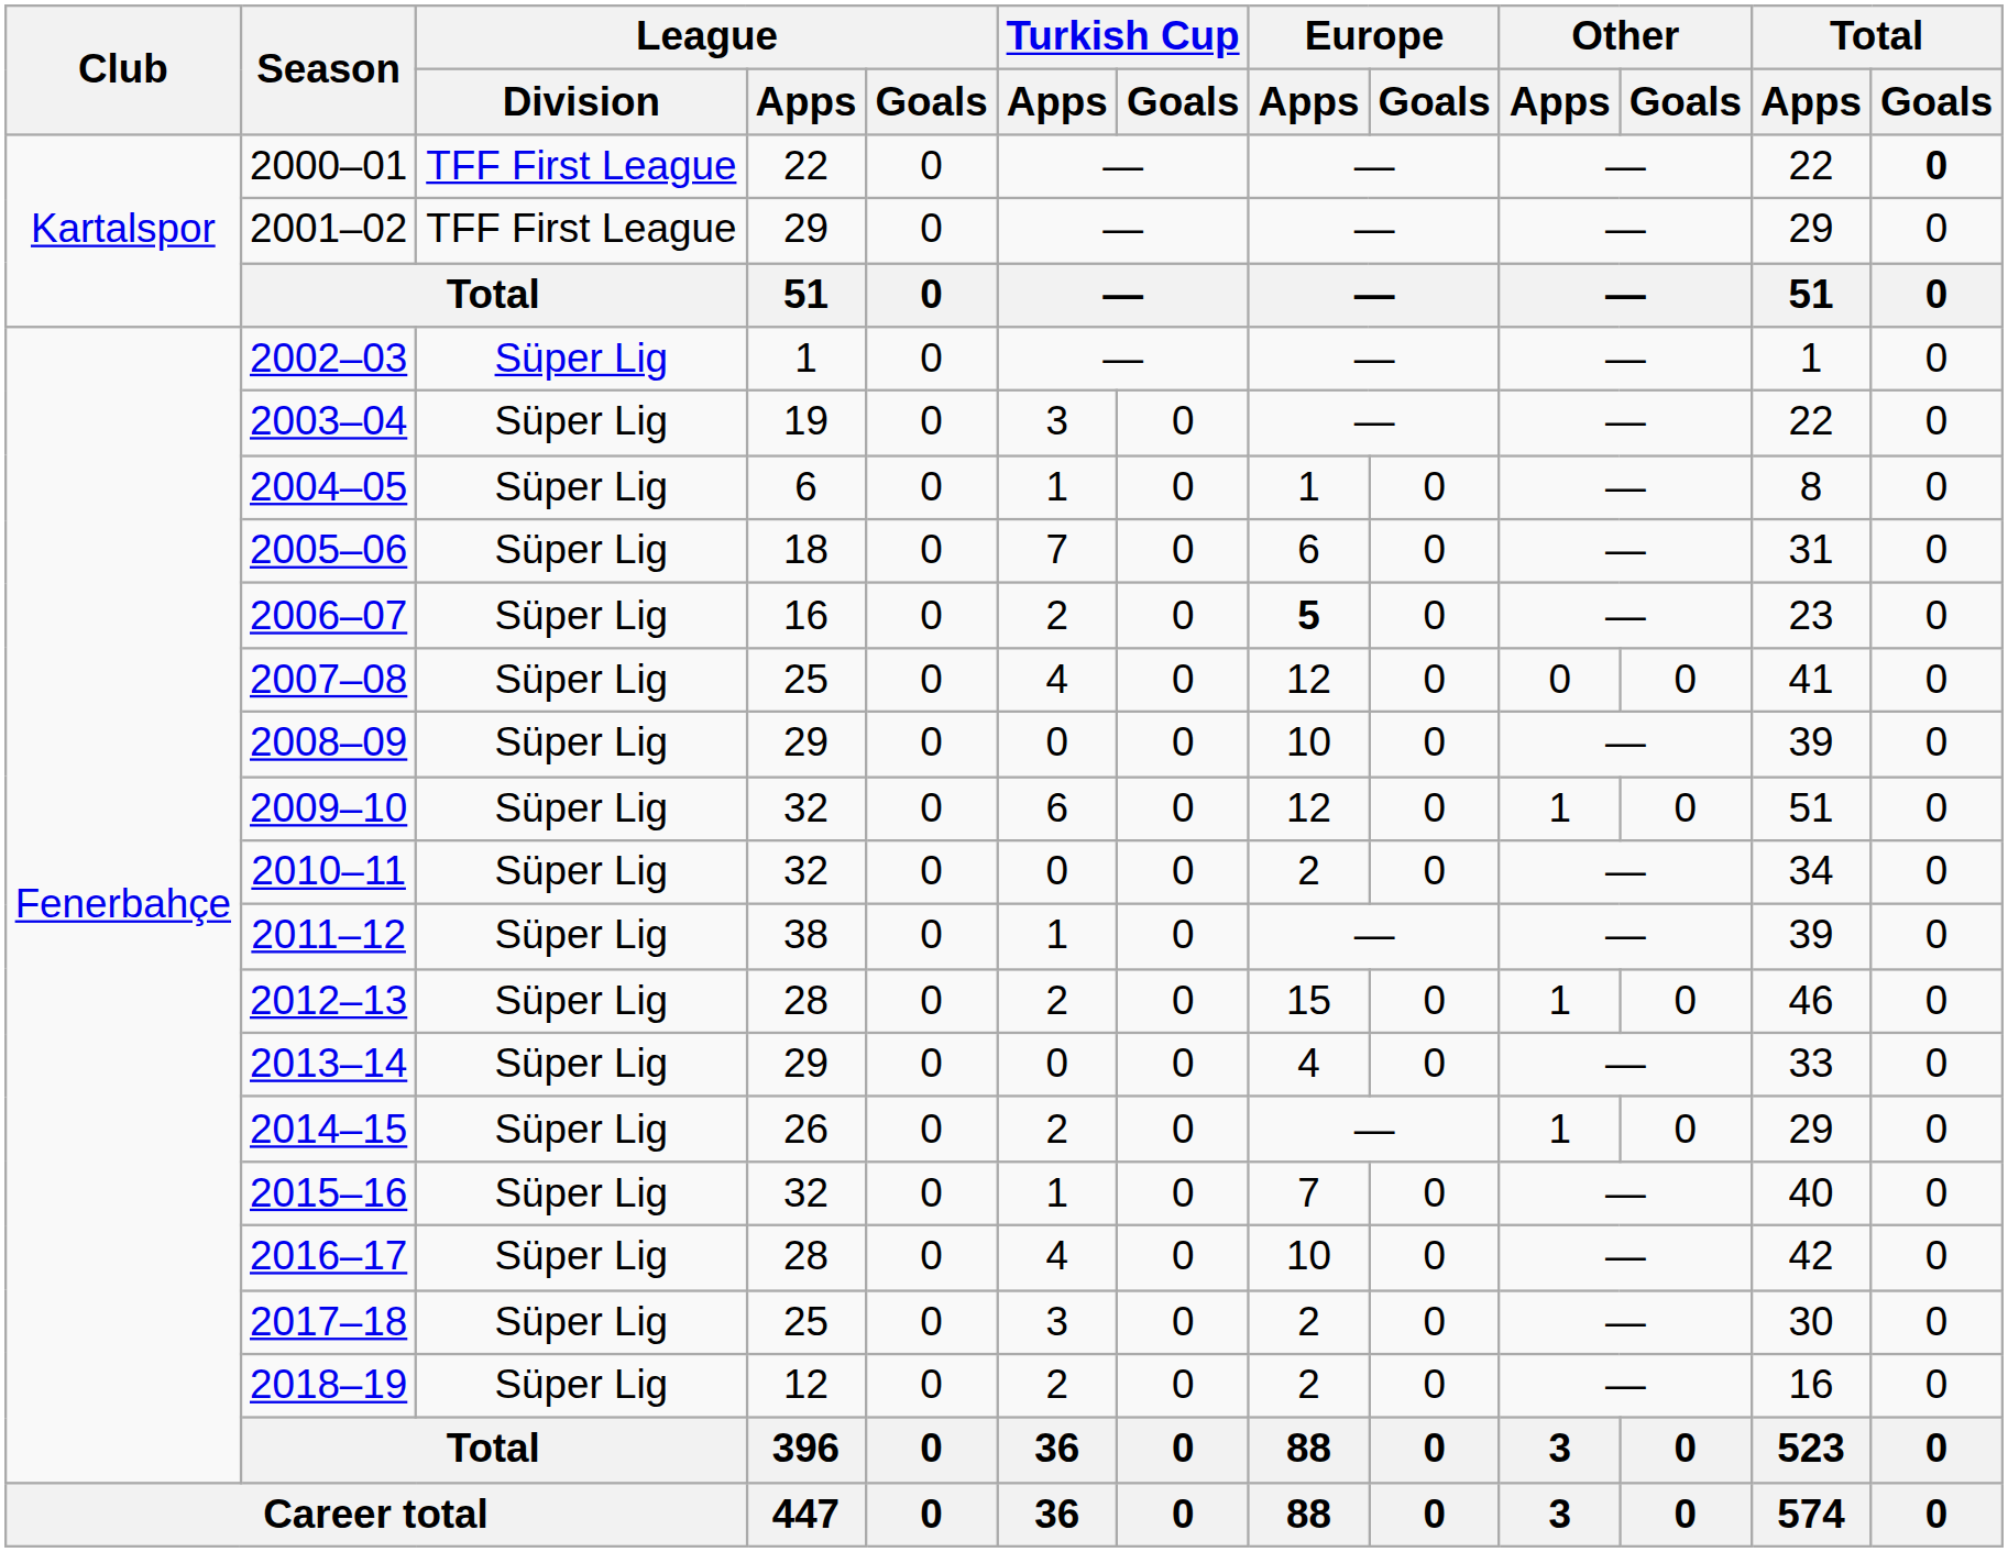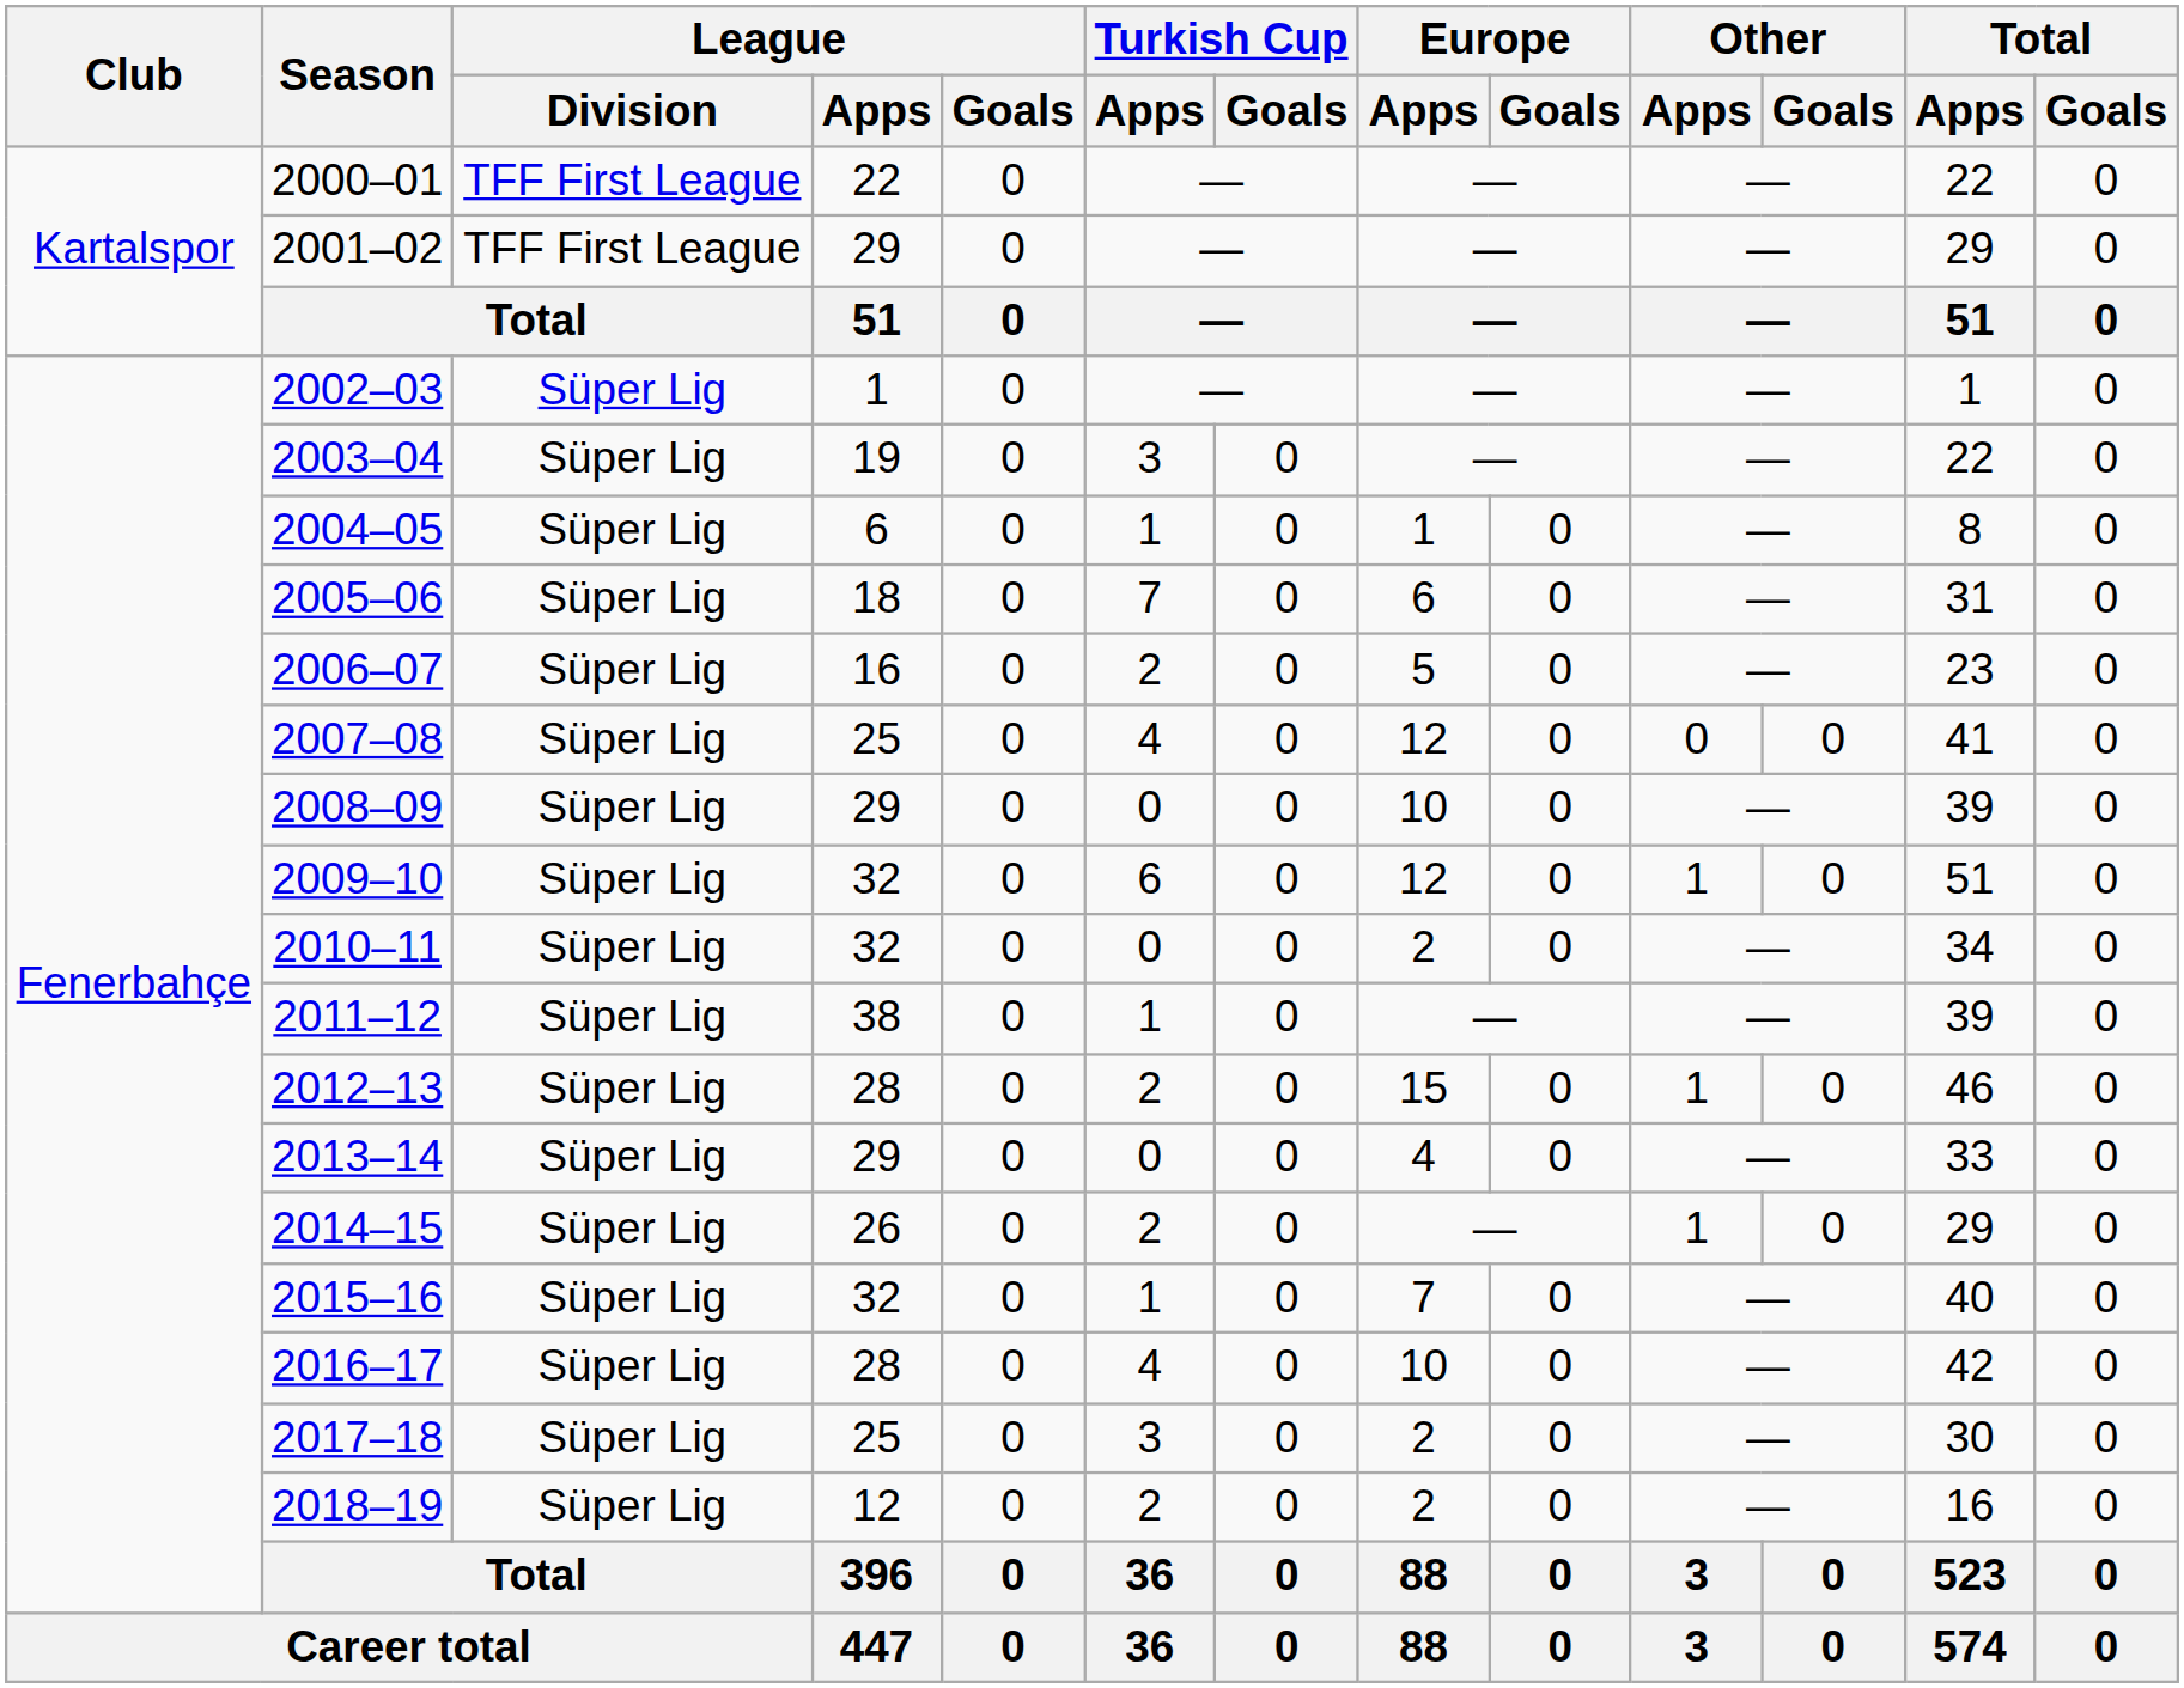 <table class="wikitable" style="text-align:center">
 <tr>
 <th rowspan="2">Club</th>
 <th rowspan="2">Season</th>
 <th colspan="3">League</th>
 <th colspan="2"><a href='#'>Turkish Cup</a></th>
 <th colspan="2">Europe</th>
 <th colspan="2">Other</th>
 <th colspan="3">Total</th>
 </tr>
 <tr>
 <th>Division</th>
 <th>Apps</th>
 <th>Goals</th>
 <th>Apps</th>
 <th>Goals</th>
 <th>Apps</th>
 <th>Goals</th>
 <th>Apps</th>
 <th>Goals</th>
 <th>Apps</th>
 <th>Goals</th>
 </tr>
 <tr>
 <td rowspan="3"><a href='#'>Kartalspor</a></td>
 <td>2000–01</td>
 <td><a href='#'>TFF First League</a></td>
 <td>22</td>
 <td>0</td>
 <td colspan="2">—</td>
 <td colspan="2">—</td>
 <td colspan="2">—</td>
 <td>22</td>
-<td><strong>0</strong></td>
+<td>0</td>
 </tr>
 <tr>
 <td>2001–02</td>
 <td>TFF First League</td>
 <td>29</td>
 <td>0</td>
 <td colspan="2">—</td>
 <td colspan="2">—</td>
 <td colspan="2">—</td>
 <td>29</td>
 <td>0</td>
 </tr>
 <tr>
 <th colspan="2">Total</th>
 <th>51</th>
 <th>0</th>
 <th colspan="2">—</th>
 <th colspan="2">—</th>
 <th colspan="2">—</th>
 <th>51</th>
 <th>0</th>
 </tr>
 <tr>
 <td rowspan="18"><a href='#'>Fenerbahçe</a></td>
 <td><a href='#'>2002–03</a></td>
 <td><a href='#'>Süper Lig</a></td>
 <td>1</td>
 <td>0</td>
 <td colspan="2">—</td>
 <td colspan="2">—</td>
 <td colspan="2">—</td>
 <td>1</td>
 <td>0</td>
 </tr>
 <tr>
 <td><a href='#'>2003–04</a></td>
 <td>Süper Lig</td>
 <td>19</td>
 <td>0</td>
 <td>3</td>
 <td>0</td>
 <td colspan="2">—</td>
 <td colspan="2">—</td>
 <td>22</td>
 <td>0</td>
 </tr>
 <tr>
 <td><a href='#'>2004–05</a></td>
 <td>Süper Lig</td>
 <td>6</td>
 <td>0</td>
 <td>1</td>
 <td>0</td>
 <td>1</td>
 <td>0</td>
 <td colspan="2">—</td>
 <td>8</td>
 <td>0</td>
 </tr>
 <tr>
 <td><a href='#'>2005–06</a></td>
 <td>Süper Lig</td>
 <td>18</td>
 <td>0</td>
 <td>7</td>
 <td>0</td>
 <td>6</td>
 <td>0</td>
 <td colspan="2">—</td>
 <td>31</td>
 <td>0</td>
 </tr>
 <tr>
 <td><a href='#'>2006–07</a></td>
 <td>Süper Lig</td>
 <td>16</td>
 <td>0</td>
 <td>2</td>
 <td>0</td>
-<td><strong>5</strong></td>
+<td>5</td>
 <td>0</td>
 <td colspan="2">—</td>
 <td>23</td>
 <td>0</td>
 </tr>
 <tr>
 <td><a href='#'>2007–08</a></td>
 <td>Süper Lig</td>
 <td>25</td>
 <td>0</td>
 <td>4</td>
 <td>0</td>
 <td>12</td>
 <td>0</td>
 <td>0</td>
 <td>0</td>
 <td>41</td>
 <td>0</td>
 </tr>
 <tr>
 <td><a href='#'>2008–09</a></td>
 <td>Süper Lig</td>
 <td>29</td>
 <td>0</td>
 <td>0</td>
 <td>0</td>
 <td>10</td>
 <td>0</td>
 <td colspan="2">—</td>
 <td>39</td>
 <td>0</td>
 </tr>
 <tr>
 <td><a href='#'>2009–10</a></td>
 <td>Süper Lig</td>
 <td>32</td>
 <td>0</td>
 <td>6</td>
 <td>0</td>
 <td>12</td>
 <td>0</td>
 <td>1</td>
 <td>0</td>
 <td>51</td>
 <td>0</td>
 </tr>
 <tr>
 <td><a href='#'>2010–11</a></td>
 <td>Süper Lig</td>
 <td>32</td>
 <td>0</td>
 <td>0</td>
 <td>0</td>
 <td>2</td>
 <td>0</td>
 <td colspan="2">—</td>
 <td>34</td>
 <td>0</td>
 </tr>
 <tr>
 <td><a href='#'>2011–12</a></td>
 <td>Süper Lig</td>
 <td>38</td>
 <td>0</td>
 <td>1</td>
 <td>0</td>
 <td colspan="2">—</td>
 <td colspan="2">—</td>
 <td>39</td>
 <td>0</td>
 </tr>
 <tr>
 <td><a href='#'>2012–13</a></td>
 <td>Süper Lig</td>
 <td>28</td>
 <td>0</td>
 <td>2</td>
 <td>0</td>
 <td>15</td>
 <td>0</td>
 <td>1</td>
 <td>0</td>
 <td>46</td>
 <td>0</td>
 </tr>
 <tr>
 <td><a href='#'>2013–14</a></td>
 <td>Süper Lig</td>
 <td>29</td>
 <td>0</td>
 <td>0</td>
 <td>0</td>
 <td>4</td>
 <td>0</td>
 <td colspan="2">—</td>
 <td>33</td>
 <td>0</td>
 </tr>
 <tr>
 <td><a href='#'>2014–15</a></td>
 <td>Süper Lig</td>
 <td>26</td>
 <td>0</td>
 <td>2</td>
 <td>0</td>
 <td colspan="2">—</td>
 <td>1</td>
 <td>0</td>
 <td>29</td>
 <td>0</td>
 </tr>
 <tr>
 <td><a href='#'>2015–16</a></td>
 <td>Süper Lig</td>
 <td>32</td>
 <td>0</td>
 <td>1</td>
 <td>0</td>
 <td>7</td>
 <td>0</td>
 <td colspan="2">—</td>
 <td>40</td>
 <td>0</td>
 </tr>
 <tr>
 <td><a href='#'>2016–17</a></td>
 <td>Süper Lig</td>
 <td>28</td>
 <td>0</td>
 <td>4</td>
 <td>0</td>
 <td>10</td>
 <td>0</td>
 <td colspan="2">—</td>
 <td>42</td>
 <td>0</td>
 </tr>
 <tr>
 <td><a href='#'>2017–18</a></td>
 <td>Süper Lig</td>
 <td>25</td>
 <td>0</td>
 <td>3</td>
 <td>0</td>
 <td>2</td>
 <td>0</td>
 <td colspan="2">—</td>
 <td>30</td>
 <td>0</td>
 </tr>
 <tr>
 <td><a href='#'>2018–19</a></td>
 <td>Süper Lig</td>
 <td>12</td>
 <td>0</td>
 <td>2</td>
 <td>0</td>
 <td>2</td>
 <td>0</td>
 <td colspan="2">—</td>
 <td>16</td>
 <td>0</td>
 </tr>
 <tr>
 <th colspan="2">Total</th>
 <th>396</th>
 <th>0</th>
 <th>36</th>
 <th>0</th>
 <th>88</th>
 <th>0</th>
 <th>3</th>
 <th>0</th>
 <th>523</th>
 <th>0</th>
 </tr>
 <tr>
 <th colspan="3">Career total</th>
 <th>447</th>
 <th>0</th>
 <th>36</th>
 <th>0</th>
 <th>88</th>
 <th>0</th>
 <th>3</th>
 <th>0</th>
 <th>574</th>
 <th>0</th>
 </tr>
 </table>
